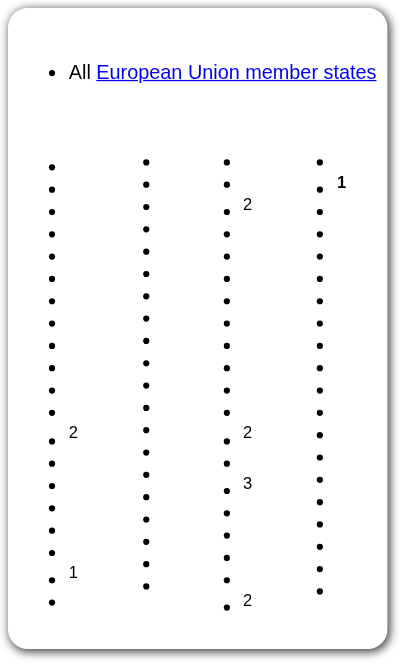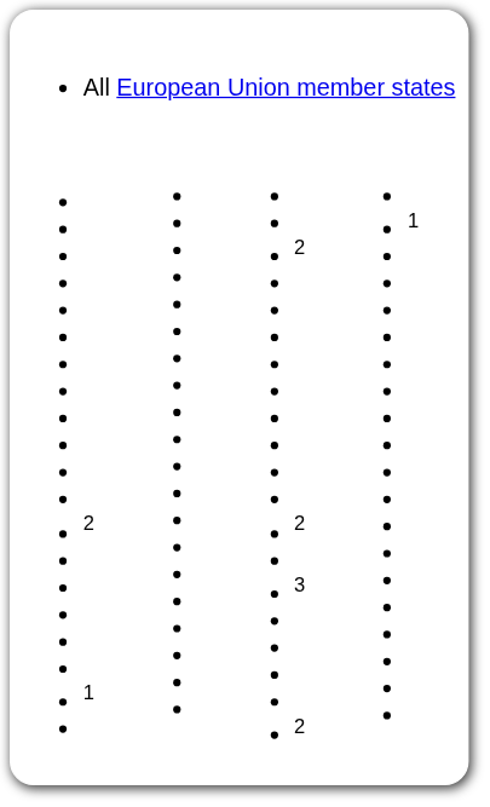 <table style=" border-radius:1em; box-shadow: 0.1em 0.1em 0.5em rgba(0,0,0,0.75); background-color: white; border: 1px solid white; padding: 5px;">
 <tr>
 <td colspan=4><br><ul><li> All <a href='#'>European Union member states</a></li></ul></td>
 </tr>
 <tr>
 <td><br><ul><li></li><li></li><li></li><li></li><li></li><li></li><li></li><li></li><li></li><li></li><li></li><li></li><li><sup>2</sup></li><li></li><li></li><li></li><li></li><li></li><li><sup>1</sup></li><li></li></ul></td>
 <td valign="top"><br><ul><li></li><li></li><li></li><li></li><li></li><li></li><li></li><li></li><li></li><li></li><li></li><li></li><li></li><li></li><li></li><li></li><li></li><li></li><li></li><li></li></ul></td>
 <td valign="top"><br><ul><li></li><li></li><li><sup>2</sup></li><li></li><li></li><li></li><li></li><li></li><li></li><li></li><li></li><li></li><li><sup>2</sup></li><li></li><li><sup>3</sup></li><li></li><li></li><li></li><li></li><li><sup>2</sup></li></ul></td>
-<td valign="top"><strong><br><ul><li></li><li><sup>1</sup></li><li></li><li></li><li></li><li></li><li></li><li></li><li></li><li></li><li></li><li></li><li></li><li></li><li></li><li></li><li></li><li></li><li></li><li></li></ul></strong></td>
+<td valign="top"><br><ul><li></li><li><sup>1</sup></li><li></li><li></li><li></li><li></li><li></li><li></li><li></li><li></li><li></li><li></li><li></li><li></li><li></li><li></li><li></li><li></li><li></li><li></li></ul></td>
 </tr>
 </table>
